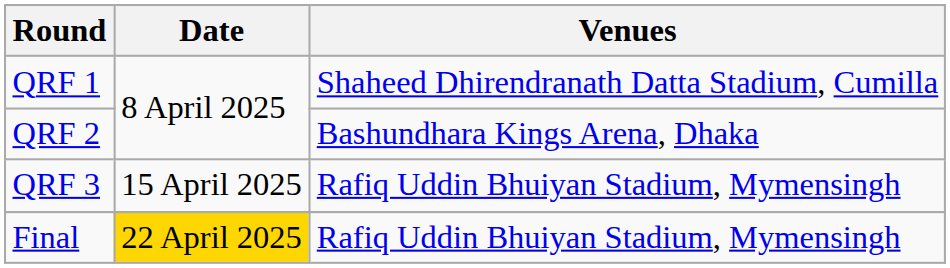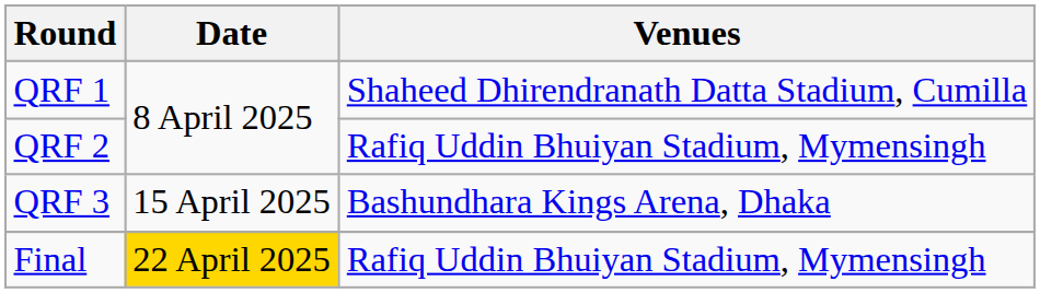 <table class="wikitable" style="text-align:center;">
 <tr>
 <th>Round</th>
 <th>Date</th>
 <th>Venues</th>
 </tr>
 <tr>
 <td align="left"><a href='#'>QRF 1</a></td>
 <td align="left" rowspan=2>8 April 2025</td>
 <td align="left"><a href='#'>Shaheed Dhirendranath Datta Stadium</a>, <a href='#'>Cumilla</a></td>
 </tr>
 <tr>
 <td align="left"><a href='#'>QRF 2</a></td>
-<td align="left"><a href='#'>Bashundhara Kings Arena</a>, <a href='#'>Dhaka</a></td>
+<td align="left"><a href='#'>Rafiq Uddin Bhuiyan Stadium</a>, <a href='#'>Mymensingh</a></td>
 </tr>
 <tr>
 <td align="left"><a href='#'>QRF 3</a></td>
 <td align="left">15 April 2025</td>
-<td align="left"><a href='#'>Rafiq Uddin Bhuiyan Stadium</a>, <a href='#'>Mymensingh</a></td>
+<td align="left"><a href='#'>Bashundhara Kings Arena</a>, <a href='#'>Dhaka</a></td>
 </tr>
 <tr>
 </tr>
 <tr>
 <td align="left"><a href='#'>Final</a></td>
 <td align="left" style="background: gold;">22 April 2025</td>
 <td align="left"><a href='#'>Rafiq Uddin Bhuiyan Stadium</a>, <a href='#'>Mymensingh</a></td>
 </tr>
 </table>
